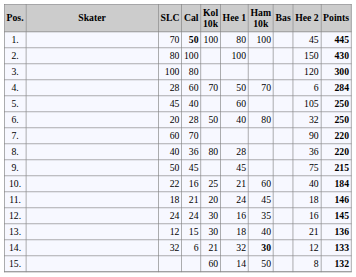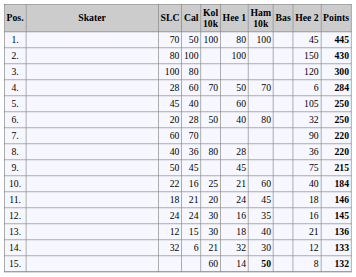 <table bgcolor="#f7f8ff" cellpadding="3" cellspacing="0" border="1" style="font-size: 95%; border: gray solid 1px; border-collapse: collapse;">
 <tr bgcolor="#CCCCCC">
 <td align="center" width="10"><strong>Pos.</strong></td>
 <td align="center" width="200"><strong>Skater</strong></td>
 <td align="center" width="20"><strong>SLC</strong></td>
 <td align="center" width="20"><strong>Cal</strong></td>
 <td align="center" width="20"><strong>Kol<br>10k</strong></td>
 <td align="center" width="20"><strong>Hee 1</strong></td>
 <td align="center" width="20"><strong>Ham<br>10k</strong></td>
 <td align="center" width="20"><strong>Bas</strong></td>
 <td align="center" width="20"><strong>Hee 2</strong></td>
 <td align="center" width="20"><strong>Points</strong></td>
 </tr>
 <tr align="left">
 <td align="center">1.</td>
 <td></td>
 <td align="right">70</td>
-<td align="right"><strong>50</strong></td>
+<td align="right">50</td>
 <td align="right">100</td>
 <td align="right">80</td>
 <td align="right">100</td>
 <td align="right"></td>
 <td align="right">45</td>
 <td align="right"><strong>445</strong></td>
 </tr>
 <tr align="left">
 <td align="center">2.</td>
 <td></td>
 <td align="right">80</td>
 <td align="right">100</td>
 <td align="right"></td>
 <td align="right">100</td>
 <td align="right"></td>
 <td align="right"></td>
 <td align="right">150</td>
 <td align="right"><strong>430</strong></td>
 </tr>
 <tr align="left">
 <td align="center">3.</td>
 <td></td>
 <td align="right">100</td>
 <td align="right">80</td>
 <td align="right"></td>
 <td align="right"></td>
 <td align="right"></td>
 <td align="right"></td>
 <td align="right">120</td>
 <td align="right"><strong>300</strong></td>
 </tr>
 <tr align="left">
 <td align="center">4.</td>
 <td></td>
 <td align="right">28</td>
 <td align="right">60</td>
 <td align="right">70</td>
 <td align="right">50</td>
 <td align="right">70</td>
 <td align="right"></td>
 <td align="right">6</td>
 <td align="right"><strong>284</strong></td>
 </tr>
 <tr align="left">
 <td align="center">5.</td>
 <td></td>
 <td align="right">45</td>
 <td align="right">40</td>
 <td align="right"></td>
 <td align="right">60</td>
 <td align="right"></td>
 <td align="right"></td>
 <td align="right">105</td>
 <td align="right"><strong>250</strong></td>
 </tr>
 <tr align="left">
 <td align="center">6.</td>
 <td></td>
 <td align="right">20</td>
 <td align="right">28</td>
 <td align="right">50</td>
 <td align="right">40</td>
 <td align="right">80</td>
 <td align="right"></td>
 <td align="right">32</td>
 <td align="right"><strong>250</strong></td>
 </tr>
 <tr align="left">
 <td align="center">7.</td>
 <td></td>
 <td align="right">60</td>
 <td align="right">70</td>
 <td align="right"></td>
 <td align="right"></td>
 <td align="right"></td>
 <td align="right"></td>
 <td align="right">90</td>
 <td align="right"><strong>220</strong></td>
 </tr>
 <tr align="left">
 <td align="center">8.</td>
 <td></td>
 <td align="right">40</td>
 <td align="right">36</td>
 <td align="right">80</td>
 <td align="right">28</td>
 <td align="right"></td>
 <td align="right"></td>
 <td align="right">36</td>
 <td align="right"><strong>220</strong></td>
 </tr>
 <tr align="left">
 <td align="center">9.</td>
 <td></td>
 <td align="right">50</td>
 <td align="right">45</td>
 <td align="right"></td>
 <td align="right">45</td>
 <td align="right"></td>
 <td align="right"></td>
 <td align="right">75</td>
 <td align="right"><strong>215</strong></td>
 </tr>
 <tr align="left">
 <td align="center">10.</td>
 <td></td>
 <td align="right">22</td>
 <td align="right">16</td>
 <td align="right">25</td>
 <td align="right">21</td>
 <td align="right">60</td>
 <td align="right"></td>
 <td align="right">40</td>
 <td align="right"><strong>184</strong></td>
 </tr>
 <tr align="left">
 <td align="center">11.</td>
 <td></td>
 <td align="right">18</td>
 <td align="right">21</td>
 <td align="right">20</td>
 <td align="right">24</td>
 <td align="right">45</td>
 <td align="right"></td>
 <td align="right">18</td>
 <td align="right"><strong>146</strong></td>
 </tr>
 <tr align="left">
 <td align="center">12.</td>
 <td></td>
 <td align="right">24</td>
 <td align="right">24</td>
 <td align="right">30</td>
 <td align="right">16</td>
 <td align="right">35</td>
 <td align="right"></td>
 <td align="right">16</td>
 <td align="right"><strong>145</strong></td>
 </tr>
 <tr align="left">
 <td align="center">13.</td>
 <td></td>
 <td align="right">12</td>
 <td align="right">15</td>
 <td align="right">30</td>
 <td align="right">18</td>
 <td align="right">40</td>
 <td align="right"></td>
 <td align="right">21</td>
 <td align="right"><strong>136</strong></td>
 </tr>
 <tr align="left">
 <td align="center">14.</td>
 <td></td>
 <td align="right">32</td>
 <td align="right">6</td>
 <td align="right">21</td>
 <td align="right">32</td>
-<td align="right"><strong>30</strong></td>
+<td align="right">30</td>
 <td align="right"></td>
 <td align="right">12</td>
 <td align="right"><strong>133</strong></td>
 </tr>
 <tr align="left">
 <td align="center">15.</td>
 <td></td>
 <td align="right"></td>
 <td align="right"></td>
 <td align="right">60</td>
 <td align="right">14</td>
-<td align="right">50</td>
+<td align="right"><strong>50</strong></td>
 <td align="right"></td>
 <td align="right">8</td>
 <td align="right"><strong>132</strong><br></td>
 </tr>
 <tr>
 </tr>
 </table>
